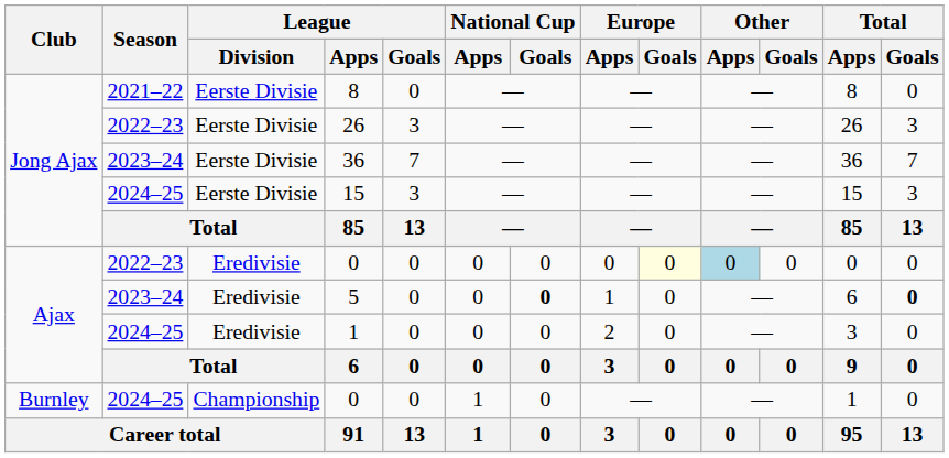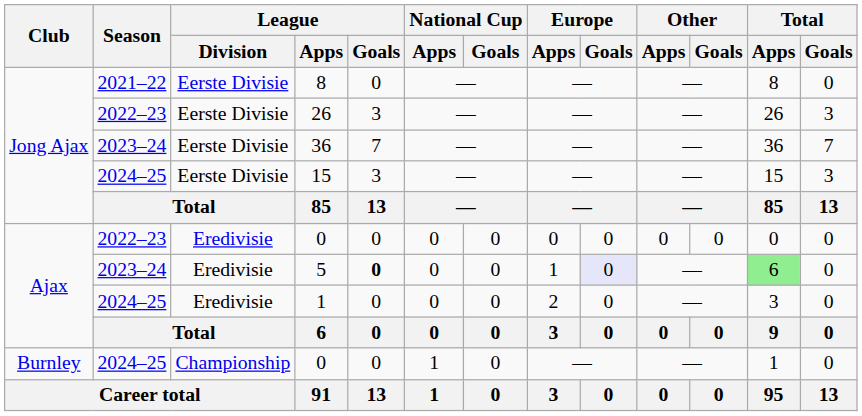 <table class="wikitable" style="text-align: center">
 <tr>
 <th rowspan="2">Club</th>
 <th rowspan="2">Season</th>
 <th colspan="3">League</th>
 <th colspan="2">National Cup</th>
 <th colspan="2">Europe</th>
 <th colspan="2">Other</th>
 <th colspan="2">Total</th>
 </tr>
 <tr>
 <th>Division</th>
 <th>Apps</th>
 <th>Goals</th>
 <th>Apps</th>
 <th>Goals</th>
 <th>Apps</th>
 <th>Goals</th>
 <th>Apps</th>
 <th>Goals</th>
 <th>Apps</th>
 <th>Goals</th>
 </tr>
 <tr>
 <td rowspan="5"><a href='#'>Jong Ajax</a></td>
 <td><a href='#'>2021–22</a></td>
 <td><a href='#'>Eerste Divisie</a></td>
 <td>8</td>
 <td>0</td>
 <td colspan="2">—</td>
 <td colspan="2">—</td>
 <td colspan="2">—</td>
 <td>8</td>
 <td>0</td>
 </tr>
 <tr>
 <td><a href='#'>2022–23</a></td>
 <td>Eerste Divisie</td>
 <td>26</td>
 <td>3</td>
 <td colspan="2">—</td>
 <td colspan="2">—</td>
 <td colspan="2">—</td>
 <td>26</td>
 <td>3</td>
 </tr>
 <tr>
 <td><a href='#'>2023–24</a></td>
 <td>Eerste Divisie</td>
 <td>36</td>
 <td>7</td>
 <td colspan="2">—</td>
 <td colspan="2">—</td>
 <td colspan="2">—</td>
 <td>36</td>
 <td>7</td>
 </tr>
 <tr>
 <td><a href='#'>2024–25</a></td>
 <td>Eerste Divisie</td>
 <td>15</td>
 <td>3</td>
 <td colspan="2">—</td>
 <td colspan="2">—</td>
 <td colspan="2">—</td>
 <td>15</td>
 <td>3</td>
 </tr>
 <tr>
 <th colspan="2">Total</th>
 <th>85</th>
 <th>13</th>
 <th colspan="2">—</th>
 <th colspan="2">—</th>
 <th colspan="2">—</th>
 <th>85</th>
 <th>13</th>
 </tr>
 <tr>
 <td rowspan="4"><a href='#'>Ajax</a></td>
 <td><a href='#'>2022–23</a></td>
 <td><a href='#'>Eredivisie</a></td>
 <td>0</td>
 <td>0</td>
 <td>0</td>
 <td>0</td>
 <td>0</td>
-<td style="background: lightyellow;">0</td>
-<td style="background: lightblue;">0</td>
+<td>0</td>
+<td>0</td>
 <td>0</td>
 <td>0</td>
 <td>0</td>
 </tr>
 <tr>
 <td><a href='#'>2023–24</a></td>
 <td>Eredivisie</td>
 <td>5</td>
+<td><strong>0</strong></td>
 <td>0</td>
 <td>0</td>
-<td><strong>0</strong></td>
 <td>1</td>
+<td style="background: lavender;">0</td>
+<td colspan="2">—</td>
+<td style="background: lightgreen;">6</td>
 <td>0</td>
-<td colspan="2">—</td>
-<td>6</td>
-<td><strong>0</strong></td>
 </tr>
 <tr>
 <td><a href='#'>2024–25</a></td>
 <td>Eredivisie</td>
 <td>1</td>
 <td>0</td>
 <td>0</td>
 <td>0</td>
 <td>2</td>
 <td>0</td>
 <td colspan="2">—</td>
 <td>3</td>
 <td>0</td>
 </tr>
 <tr>
 <th colspan="2">Total</th>
 <th>6</th>
 <th>0</th>
 <th>0</th>
 <th>0</th>
 <th>3</th>
 <th>0</th>
 <th>0</th>
 <th>0</th>
 <th>9</th>
 <th>0</th>
 </tr>
 <tr>
 <td><a href='#'>Burnley</a></td>
 <td><a href='#'>2024–25</a></td>
 <td><a href='#'>Championship</a></td>
 <td>0</td>
 <td>0</td>
 <td>1</td>
 <td>0</td>
 <td colspan="2">—</td>
 <td colspan="2">—</td>
 <td>1</td>
 <td>0</td>
 </tr>
 <tr>
 <th colspan="3">Career total</th>
 <th>91</th>
 <th>13</th>
 <th>1</th>
 <th>0</th>
 <th>3</th>
 <th>0</th>
 <th>0</th>
 <th>0</th>
 <th>95</th>
 <th>13</th>
 </tr>
 </table>
